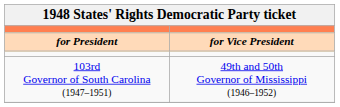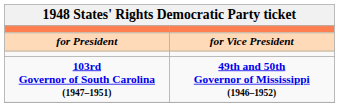 <table class="wikitable" style="font-size:90%; text-align:center;">
 <tr>
 <td style="background:#f1f1f1;" colspan="30"><big><strong>1948 States' Rights Democratic Party ticket</strong></big></td>
 </tr>
 <tr>
 <th style="width:3em; font-size:135%; background:#FF7F50; width:200px;"><a href='#'></a></th>
 <th style="width:3em; font-size:135%; background:#FF7F50; width:200px;"><a href='#'></a></th>
 </tr>
 <tr style="color:#000000; font-size:100%; background:#F0DC82;">
 <td style="width:3em; font-size:100%; color:#000; background:#FFDAB9; width:200px;"><strong><em>for President</em></strong></td>
 <td style="width:3em; font-size:100%; color:#000; background:#FFDAB9; width:200px;"><strong><em>for Vice President</em></strong></td>
 </tr>
 <tr>
 <td></td>
 <td></td>
 </tr>
 <tr>
-<td><a href='#'>103rd</a><br><a href='#'>Governor of South Carolina</a><br><small>(1947–1951)</small></td>
-<td><a href='#'>49th and 50th</a><br><a href='#'>Governor of Mississippi</a><br><small>(1946–1952)</small></td>
+<td><strong><a href='#'>103rd</a><br><a href='#'>Governor of South Carolina</a><br><small>(1947–1951)</small></strong></td>
+<td><strong><a href='#'>49th and 50th</a><br><a href='#'>Governor of Mississippi</a><br><small>(1946–1952)</small></strong></td>
 </tr>
 <tr>
 </tr>
 </table>
